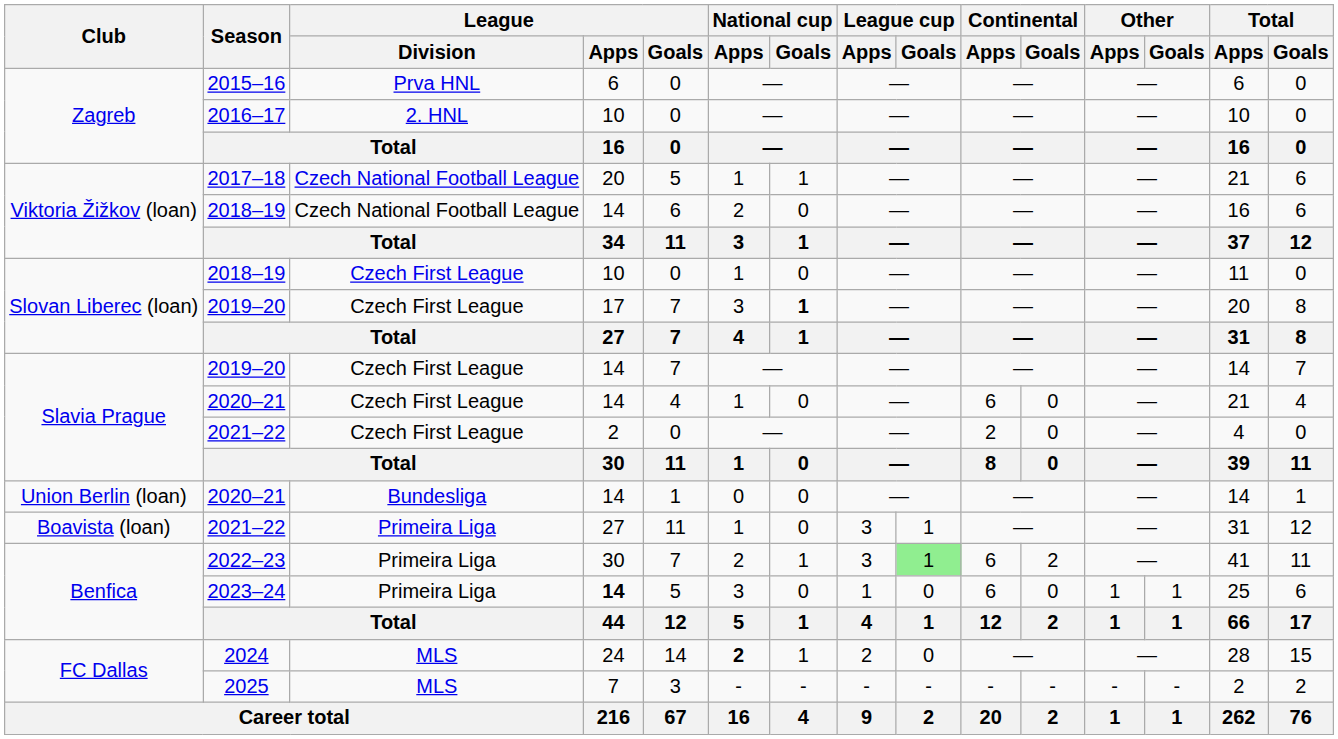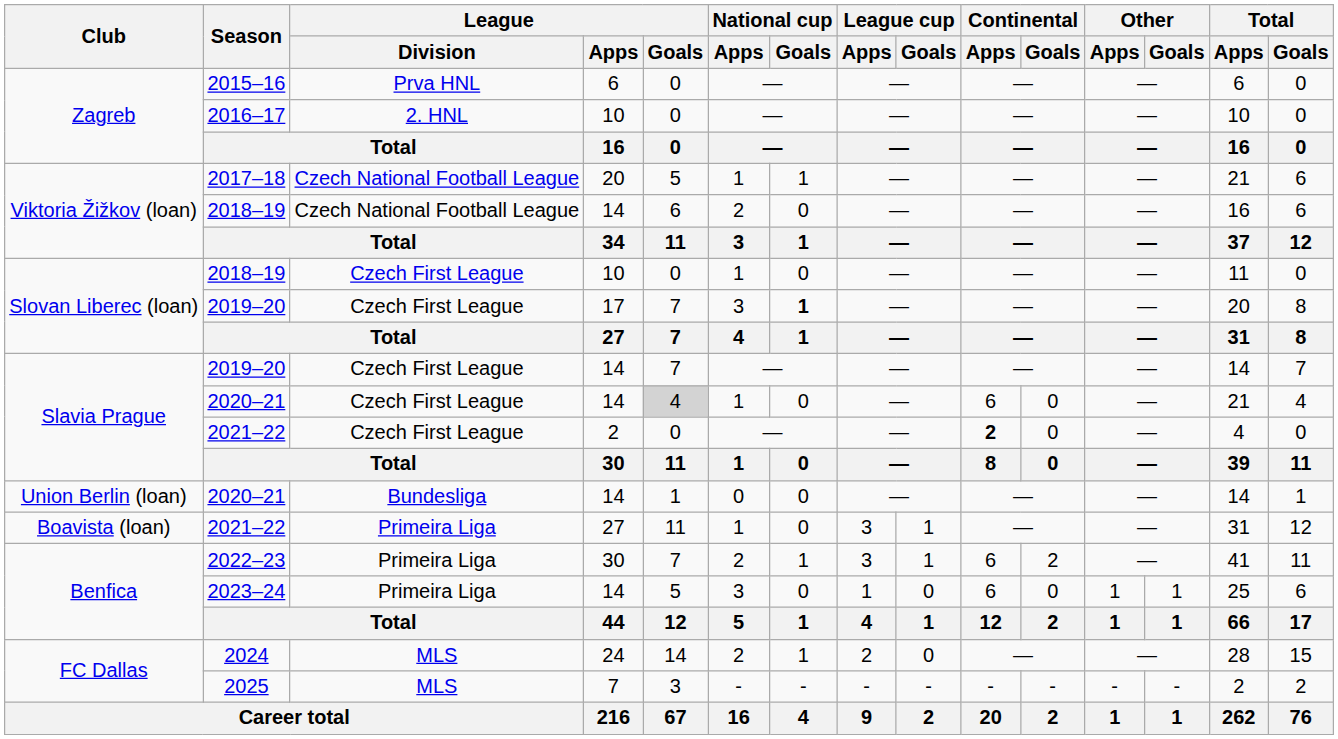 <table class="wikitable" style="text-align:center">
 <tr>
 <th rowspan="2">Club</th>
 <th rowspan="2">Season</th>
 <th colspan="3">League</th>
 <th colspan="2">National cup</th>
 <th colspan="2">League cup</th>
 <th colspan="2">Continental</th>
 <th colspan="2">Other</th>
 <th colspan="2">Total</th>
 </tr>
 <tr>
 <th>Division</th>
 <th>Apps</th>
 <th>Goals</th>
 <th>Apps</th>
 <th>Goals</th>
 <th>Apps</th>
 <th>Goals</th>
 <th>Apps</th>
 <th>Goals</th>
 <th>Apps</th>
 <th>Goals</th>
 <th>Apps</th>
 <th>Goals</th>
 </tr>
 <tr>
 <td rowspan="3"><a href='#'>Zagreb</a></td>
 <td><a href='#'>2015–16</a></td>
 <td><a href='#'>Prva HNL</a></td>
 <td>6</td>
 <td>0</td>
 <td colspan="2">—</td>
 <td colspan="2">—</td>
 <td colspan="2">—</td>
 <td colspan="2">—</td>
 <td>6</td>
 <td>0</td>
 </tr>
 <tr>
 <td><a href='#'>2016–17</a></td>
 <td><a href='#'>2. HNL</a></td>
 <td>10</td>
 <td>0</td>
 <td colspan="2">—</td>
 <td colspan="2">—</td>
 <td colspan="2">—</td>
 <td colspan="2">—</td>
 <td>10</td>
 <td>0</td>
 </tr>
 <tr>
 <th colspan="2">Total</th>
 <th>16</th>
 <th>0</th>
 <th colspan="2">—</th>
 <th colspan="2">—</th>
 <th colspan="2">—</th>
 <th colspan="2">—</th>
 <th>16</th>
 <th>0</th>
 </tr>
 <tr>
 <td rowspan="3"><a href='#'>Viktoria Žižkov</a> (loan)</td>
 <td><a href='#'>2017–18</a></td>
 <td><a href='#'>Czech National Football League</a></td>
 <td>20</td>
 <td>5</td>
 <td>1</td>
 <td>1</td>
 <td colspan="2">—</td>
 <td colspan="2">—</td>
 <td colspan="2">—</td>
 <td>21</td>
 <td>6</td>
 </tr>
 <tr>
 <td><a href='#'>2018–19</a></td>
 <td>Czech National Football League</td>
 <td>14</td>
 <td>6</td>
 <td>2</td>
 <td>0</td>
 <td colspan="2">—</td>
 <td colspan="2">—</td>
 <td colspan="2">—</td>
 <td>16</td>
 <td>6</td>
 </tr>
 <tr>
 <th colspan="2">Total</th>
 <th>34</th>
 <th>11</th>
 <th>3</th>
 <th>1</th>
 <th colspan="2">—</th>
 <th colspan="2">—</th>
 <th colspan="2">—</th>
 <th>37</th>
 <th>12</th>
 </tr>
 <tr>
 <td rowspan="3"><a href='#'>Slovan Liberec</a> (loan)</td>
 <td><a href='#'>2018–19</a></td>
 <td><a href='#'>Czech First League</a></td>
 <td>10</td>
 <td>0</td>
 <td>1</td>
 <td>0</td>
 <td colspan="2">—</td>
 <td colspan="2">—</td>
 <td colspan="2">—</td>
 <td>11</td>
 <td>0</td>
 </tr>
 <tr>
 <td><a href='#'>2019–20</a></td>
 <td>Czech First League</td>
 <td>17</td>
 <td>7</td>
 <td>3</td>
 <td><strong>1</strong></td>
 <td colspan="2">—</td>
 <td colspan="2">—</td>
 <td colspan="2">—</td>
 <td>20</td>
 <td>8</td>
 </tr>
 <tr>
 <th colspan="2">Total</th>
 <th>27</th>
 <th>7</th>
 <th>4</th>
 <th>1</th>
 <th colspan="2">—</th>
 <th colspan="2">—</th>
 <th colspan="2">—</th>
 <th>31</th>
 <th>8</th>
 </tr>
 <tr>
 <td rowspan="4"><a href='#'>Slavia Prague</a></td>
 <td><a href='#'>2019–20</a></td>
 <td>Czech First League</td>
 <td>14</td>
 <td>7</td>
 <td colspan="2">—</td>
 <td colspan="2">—</td>
 <td colspan="2">—</td>
 <td colspan="2">—</td>
 <td>14</td>
 <td>7</td>
 </tr>
 <tr>
 <td><a href='#'>2020–21</a></td>
 <td>Czech First League</td>
 <td>14</td>
-<td>4</td>
+<td style="background: lightgrey;">4</td>
 <td>1</td>
 <td>0</td>
 <td colspan="2">—</td>
 <td>6</td>
 <td>0</td>
 <td colspan="2">—</td>
 <td>21</td>
 <td>4</td>
 </tr>
 <tr>
 <td><a href='#'>2021–22</a></td>
 <td>Czech First League</td>
 <td>2</td>
 <td>0</td>
 <td colspan="2">—</td>
 <td colspan="2">—</td>
-<td>2</td>
+<td><strong>2</strong></td>
 <td>0</td>
 <td colspan="2">—</td>
 <td>4</td>
 <td>0</td>
 </tr>
 <tr>
 <th colspan="2">Total</th>
 <th>30</th>
 <th>11</th>
 <th>1</th>
 <th>0</th>
 <th colspan="2">—</th>
 <th>8</th>
 <th>0</th>
 <th colspan="2">—</th>
 <th>39</th>
 <th>11</th>
 </tr>
 <tr>
 <td><a href='#'>Union Berlin</a> (loan)</td>
 <td><a href='#'>2020–21</a></td>
 <td><a href='#'>Bundesliga</a></td>
 <td>14</td>
 <td>1</td>
 <td>0</td>
 <td>0</td>
 <td colspan="2">—</td>
 <td colspan="2">—</td>
 <td colspan="2">—</td>
 <td>14</td>
 <td>1</td>
 </tr>
 <tr>
 <td><a href='#'>Boavista</a> (loan)</td>
 <td><a href='#'>2021–22</a></td>
 <td><a href='#'>Primeira Liga</a></td>
 <td>27</td>
 <td>11</td>
 <td>1</td>
 <td>0</td>
 <td>3</td>
 <td>1</td>
 <td colspan="2">—</td>
 <td colspan="2">—</td>
 <td>31</td>
 <td>12</td>
 </tr>
 <tr>
 <td rowspan="3"><a href='#'>Benfica</a></td>
 <td><a href='#'>2022–23</a></td>
 <td>Primeira Liga</td>
 <td>30</td>
 <td>7</td>
 <td>2</td>
 <td>1</td>
 <td>3</td>
-<td style="background: lightgreen;">1</td>
+<td>1</td>
 <td>6</td>
 <td>2</td>
 <td colspan="2">—</td>
 <td>41</td>
 <td>11</td>
 </tr>
 <tr>
 <td><a href='#'>2023–24</a></td>
 <td>Primeira Liga</td>
-<td><strong>14</strong></td>
+<td>14</td>
 <td>5</td>
 <td>3</td>
 <td>0</td>
 <td>1</td>
 <td>0</td>
 <td>6</td>
 <td>0</td>
 <td>1</td>
 <td>1</td>
 <td>25</td>
 <td>6</td>
 </tr>
 <tr>
 <th colspan="2">Total</th>
 <th>44</th>
 <th>12</th>
 <th>5</th>
 <th>1</th>
 <th>4</th>
 <th>1</th>
 <th>12</th>
 <th>2</th>
 <th>1</th>
 <th>1</th>
 <th>66</th>
 <th>17</th>
 </tr>
 <tr>
 <td rowspan="2"><a href='#'>FC Dallas</a></td>
 <td><a href='#'>2024</a></td>
 <td><a href='#'>MLS</a></td>
 <td>24</td>
 <td>14</td>
-<td><strong>2</strong></td>
+<td>2</td>
 <td>1</td>
 <td>2</td>
 <td>0</td>
 <td colspan="2">—</td>
 <td colspan="2">—</td>
 <td>28</td>
 <td>15</td>
 </tr>
 <tr>
 <td><a href='#'>2025</a></td>
 <td><a href='#'>MLS</a></td>
 <td>7</td>
 <td>3</td>
 <td>-</td>
 <td>-</td>
 <td>-</td>
 <td>-</td>
 <td>-</td>
 <td>-</td>
 <td>-</td>
 <td>-</td>
 <td>2</td>
 <td>2</td>
 </tr>
 <tr>
 <th colspan="3">Career total</th>
 <th>216</th>
 <th>67</th>
 <th>16</th>
 <th>4</th>
 <th>9</th>
 <th>2</th>
 <th>20</th>
 <th>2</th>
 <th>1</th>
 <th>1</th>
 <th>262</th>
 <th>76</th>
 </tr>
 </table>
